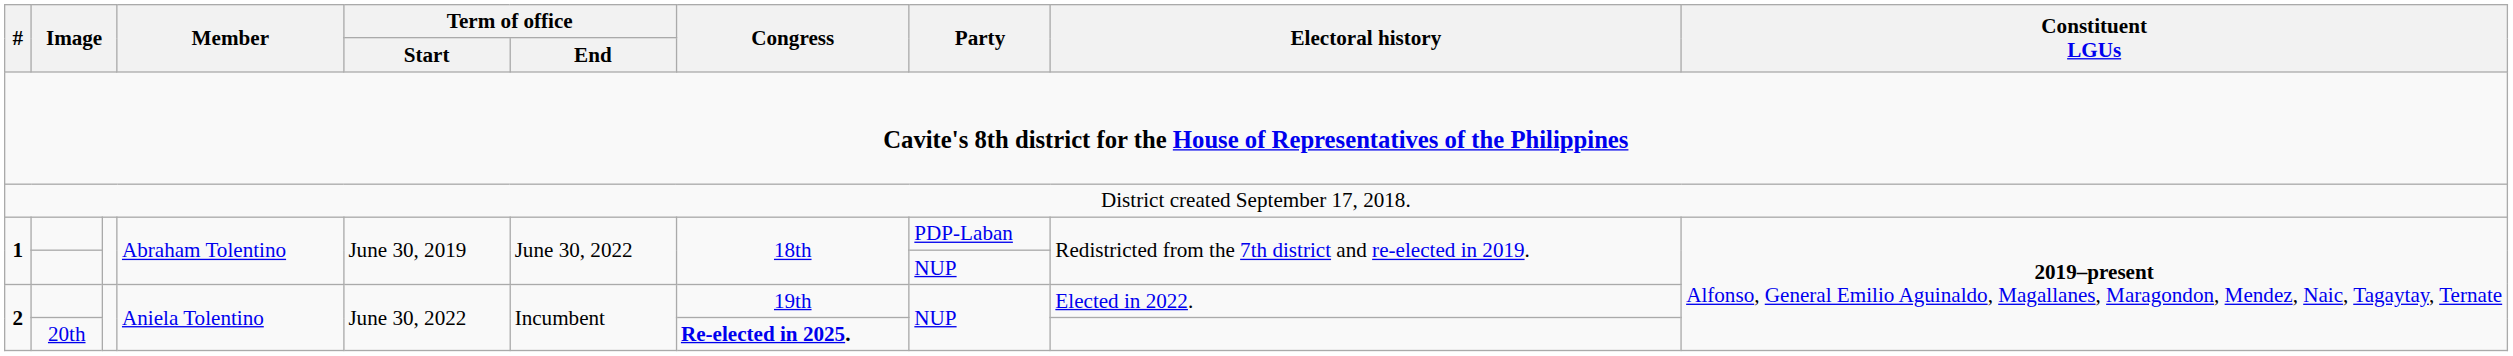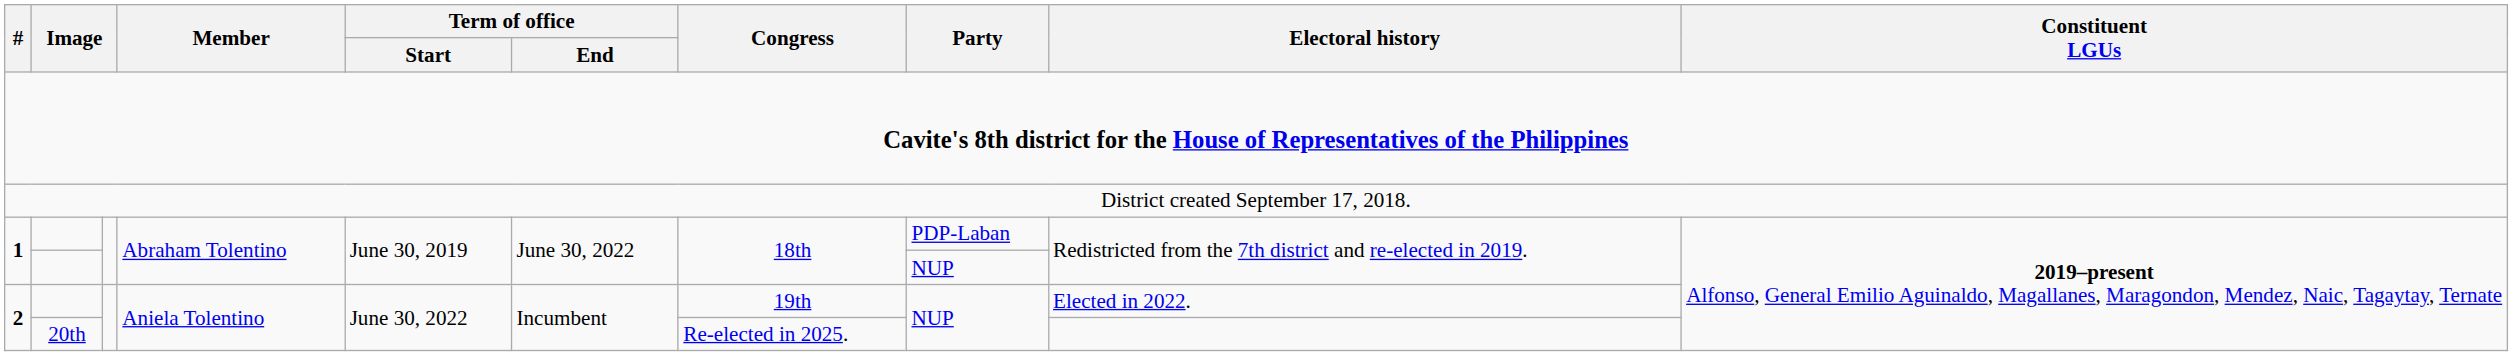 <table class="wikitable">
 <tr>
 <th rowspan="2">#</th>
 <th rowspan="2" colspan="2">Image</th>
 <th rowspan="2">Member</th>
 <th colspan="2">Term of office</th>
 <th rowspan="2">Congress</th>
 <th rowspan="2">Party</th>
 <th rowspan="2">Electoral history</th>
 <th rowspan="2" width="33%">Constituent<br><a href='#'>LGUs</a></th>
 </tr>
 <tr>
 <th>Start</th>
 <th>End</th>
 </tr>
 <tr>
 <td colspan="10" style="text-align:center;"><br><h3>Cavite's 8th district for the <a href='#'>House of Representatives of the Philippines</a></h3></td>
 </tr>
 <tr>
 <td colspan="10" style="text-align:center;">District created September 17, 2018.</td>
 </tr>
 <tr>
 <td style="text-align:center;" rowspan=2><strong>1</strong></td>
 <td style="color:inherit;background:"></td>
 <td rowspan=2></td>
 <td rowspan=2><a href='#'>Abraham Tolentino</a><br></td>
 <td rowspan=2>June 30, 2019</td>
 <td rowspan=2>June 30, 2022</td>
 <td style="text-align:center;" rowspan=2><a href='#'>18th</a></td>
 <td><a href='#'>PDP-Laban</a></td>
 <td rowspan=2>Redistricted from the <a href='#'>7th district</a> and <a href='#'>re-elected in 2019</a>.</td>
 <td rowspan="5" align="center"><strong>2019–present</strong><br><a href='#'>Alfonso</a>, <a href='#'>General Emilio Aguinaldo</a>, <a href='#'>Magallanes</a>, <a href='#'>Maragondon</a>, <a href='#'>Mendez</a>, <a href='#'>Naic</a>, <a href='#'>Tagaytay</a>, <a href='#'>Ternate</a></td>
 </tr>
 <tr>
 <td style="color:inherit;background:"></td>
 <td><a href='#'>NUP</a></td>
 </tr>
 <tr>
 <td style="text-align:center;" rowspan="2"><strong>2</strong></td>
 <td style="color:inherit;background:"></td>
 <td rowspan="2"></td>
 <td rowspan="2"><a href='#'>Aniela Tolentino</a><br></td>
 <td rowspan="2">June 30, 2022</td>
 <td rowspan="2">Incumbent</td>
 <td style="text-align:center;"><a href='#'>19th</a></td>
 <td rowspan="2"><a href='#'>NUP</a></td>
 <td><a href='#'>Elected in 2022</a>.</td>
 </tr>
 <tr>
 <td style="text-align:center;"><a href='#'>20th</a></td>
-<td><strong><a href='#'>Re-elected in 2025</a>.</strong></td>
+<td><a href='#'>Re-elected in 2025</a>.</td>
 </tr>
 </table>
